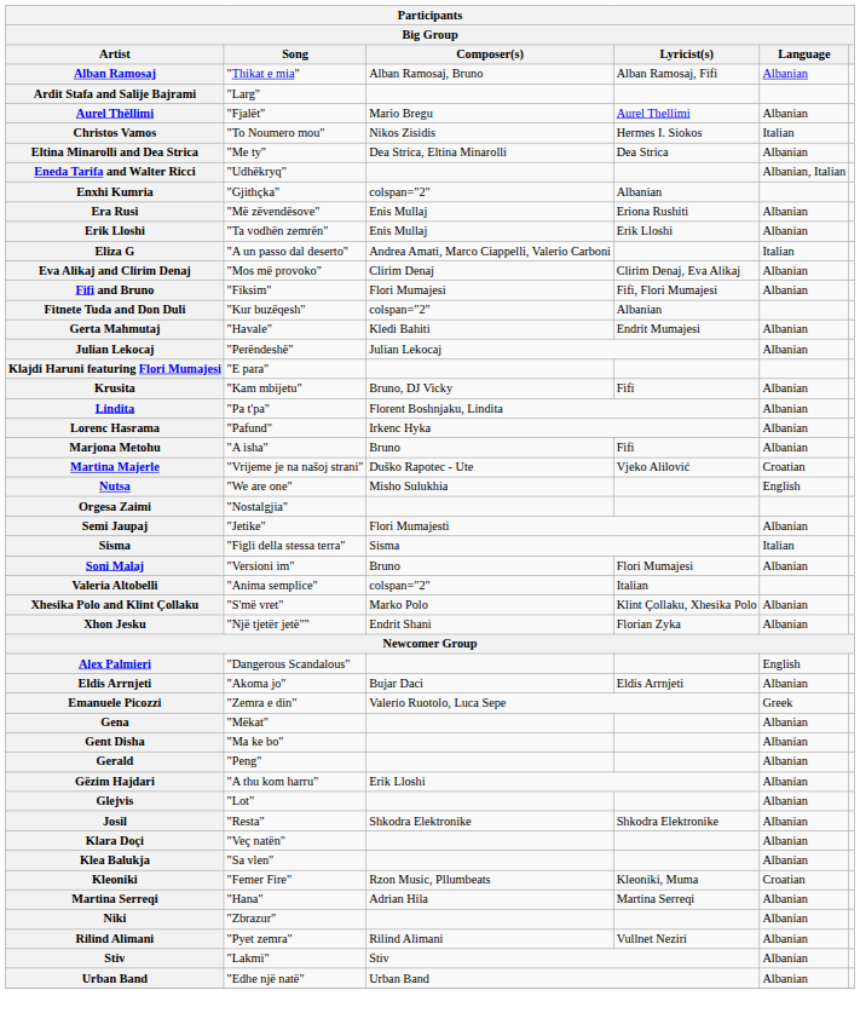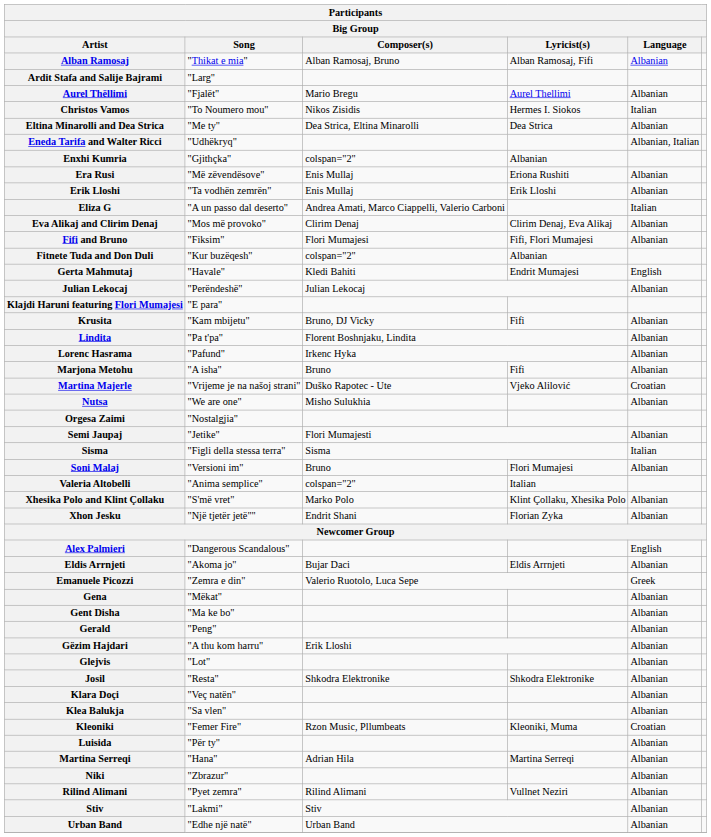 <table class="wikitable sortable plainrowheaders" style="margin: 1em auto 1em auto">
 <tr>
 <th colspan=6>Participants</th>
 </tr>
 <tr>
 <th colspan="6">Big Group</th>
 </tr>
 <tr>
 <th scope="col">Artist</th>
 <th scope="col">Song</th>
 <th scope="col">Composer(s)</th>
 <th scope="col">Lyricist(s)</th>
 <th scope="col">Language</th>
 <th scope="col"></th>
 </tr>
 <tr>
 <th scope="row"><a href='#'>Alban Ramosaj</a></th>
 <td>"<a href='#'>Thikat e mia</a>"</td>
 <td>Alban Ramosaj, Bruno</td>
 <td>Alban Ramosaj, Fifi</td>
 <td><a href='#'>Albanian</a></td>
 <td></td>
 </tr>
 <tr>
 <th scope="row">Ardit Stafa and Salije Bajrami</th>
 <td>"Larg"</td>
 <td></td>
 <td></td>
 <td></td>
 <td></td>
 </tr>
 <tr>
 <th scope="row"><a href='#'>Aurel Thëllimi</a></th>
 <td>"Fjalët"</td>
 <td>Mario Bregu</td>
 <td><a href='#'>Aurel Thellimi</a></td>
 <td>Albanian</td>
 <td></td>
 </tr>
 <tr>
 <th scope="row">Christos Vamos</th>
 <td>"To Noumero mou"</td>
 <td>Nikos Zisidis</td>
 <td>Hermes I. Siokos</td>
 <td>Italian</td>
 <td></td>
 </tr>
 <tr>
 <th scope="row">Eltina Minarolli and Dea Strica</th>
 <td>"Me ty"</td>
 <td>Dea Strica, Eltina Minarolli</td>
 <td>Dea Strica</td>
 <td>Albanian</td>
 <td></td>
 </tr>
 <tr>
 <th scope="row"><a href='#'>Eneda Tarifa</a> and Walter Ricci</th>
 <td>"Udhëkryq"</td>
 <td></td>
 <td></td>
 <td>Albanian, Italian</td>
 <td></td>
 </tr>
 <tr>
 <th scope="row">Enxhi Kumria</th>
 <td>"Gjithçka"</td>
 <td>colspan="2" </td>
 <td>Albanian</td>
 <td></td>
 </tr>
 <tr>
 <th scope="row">Era Rusi</th>
 <td>"Më zëvendësove"</td>
 <td>Enis Mullaj</td>
 <td>Eriona Rushiti</td>
 <td>Albanian</td>
 <td></td>
 </tr>
 <tr>
 <th scope="row">Erik Lloshi</th>
 <td>"Ta vodhën zemrën"</td>
 <td>Enis Mullaj</td>
 <td>Erik Lloshi</td>
 <td>Albanian</td>
 <td></td>
 </tr>
 <tr>
 <th scope="row">Eliza G</th>
 <td>"A un passo dal deserto"</td>
 <td>Andrea Amati, Marco Ciappelli, Valerio Carboni</td>
 <td></td>
 <td>Italian</td>
 <td></td>
 </tr>
 <tr>
 <th scope="row">Eva Alikaj and Clirim Denaj</th>
 <td>"Mos më provoko"</td>
 <td>Clirim Denaj</td>
 <td>Clirim Denaj, Eva Alikaj</td>
 <td>Albanian</td>
 <td></td>
 </tr>
 <tr>
 <th scope="row"><a href='#'>Fifi</a> and Bruno</th>
 <td>"Fiksim"</td>
 <td>Flori Mumajesi</td>
 <td>Fifi, Flori Mumajesi</td>
 <td>Albanian</td>
 <td></td>
 </tr>
 <tr>
 <th scope="row">Fitnete Tuda and Don Duli</th>
 <td>"Kur buzëqesh"</td>
 <td>colspan="2" </td>
 <td>Albanian</td>
 <td></td>
 </tr>
 <tr>
 <th scope="row">Gerta Mahmutaj</th>
 <td>"Havale"</td>
 <td>Kledi Bahiti</td>
 <td>Endrit Mumajesi</td>
-<td>Albanian</td>
+<td>English</td>
 <td></td>
 </tr>
 <tr>
 <th scope="row">Julian Lekocaj</th>
 <td>"Perëndeshë"</td>
 <td colspan="2">Julian Lekocaj</td>
 <td>Albanian</td>
 <td></td>
 </tr>
 <tr>
 <th scope="row">Klajdi Haruni featuring <a href='#'>Flori Mumajesi</a></th>
 <td>"E para"</td>
 <td></td>
 <td></td>
 <td></td>
 <td></td>
 </tr>
 <tr>
 <th scope="row">Krusita</th>
 <td>"Kam mbijetu"</td>
 <td>Bruno, DJ Vicky</td>
 <td>Fifi</td>
 <td>Albanian</td>
 <td></td>
 </tr>
 <tr>
 <th scope="row"><a href='#'>Lindita</a></th>
 <td>"Pa t'pa"</td>
 <td colspan="2">Florent Boshnjaku, Lindita</td>
 <td>Albanian</td>
 <td></td>
 </tr>
 <tr>
 <th scope="row">Lorenc Hasrama</th>
 <td>"Pafund"</td>
 <td colspan="2">Irkenc Hyka</td>
 <td>Albanian</td>
 <td></td>
 </tr>
 <tr>
 <th scope="row">Marjona Metohu</th>
 <td>"A isha"</td>
 <td>Bruno</td>
 <td>Fifi</td>
 <td>Albanian</td>
 <td></td>
 </tr>
 <tr>
 <th scope="row"><a href='#'>Martina Majerle</a></th>
 <td>"Vrijeme je na našoj strani"</td>
 <td>Duško Rapotec - Ute</td>
 <td>Vjeko Alilović</td>
 <td>Croatian</td>
 <td></td>
 </tr>
 <tr>
 <th scope="row"><a href='#'>Nutsa</a></th>
 <td>"We are one"</td>
 <td>Misho Sulukhia</td>
 <td></td>
-<td>English</td>
+<td>Albanian</td>
 <td></td>
 </tr>
 <tr>
 <th scope="row">Orgesa Zaimi</th>
 <td>"Nostalgjia"</td>
 <td></td>
 <td></td>
 <td></td>
 <td></td>
 </tr>
 <tr>
 <th scope="row">Semi Jaupaj</th>
 <td>"Jetike"</td>
 <td colspan="2">Flori Mumajesti</td>
 <td>Albanian</td>
 <td></td>
 </tr>
 <tr>
 <th scope="row">Sisma</th>
 <td>"Figli della stessa terra"</td>
 <td colspan="2">Sisma</td>
 <td>Italian</td>
 <td></td>
 </tr>
 <tr>
 <th scope="row"><a href='#'>Soni Malaj</a></th>
 <td>"Versioni im"</td>
 <td>Bruno</td>
 <td>Flori Mumajesi</td>
 <td>Albanian</td>
 <td></td>
 </tr>
 <tr>
 <th scope="row">Valeria Altobelli</th>
 <td>"Anima semplice"</td>
 <td>colspan="2" </td>
 <td>Italian</td>
 <td></td>
 </tr>
 <tr>
 <th scope="row">Xhesika Polo and Klint Çollaku</th>
 <td>"S'më vret"</td>
 <td>Marko Polo</td>
 <td>Klint Çollaku, Xhesika Polo</td>
 <td>Albanian</td>
 <td></td>
 </tr>
 <tr>
 <th scope="row">Xhon Jesku</th>
 <td>"Një tjetër jetë""</td>
 <td>Endrit Shani</td>
 <td>Florian Zyka</td>
 <td>Albanian</td>
 <td></td>
 </tr>
 <tr>
 <th colspan="6">Newcomer Group</th>
 </tr>
 <tr>
 <th scope="row"><a href='#'>Alex Palmieri</a></th>
 <td>"Dangerous Scandalous"</td>
 <td></td>
 <td></td>
 <td>English</td>
 <td></td>
 </tr>
 <tr>
 <th scope="row">Eldis Arrnjeti</th>
 <td>"Akoma jo"</td>
 <td>Bujar Daci</td>
 <td>Eldis Arrnjeti</td>
 <td>Albanian</td>
 <td></td>
 </tr>
 <tr>
 <th scope="row">Emanuele Picozzi</th>
 <td>"Zemra e din"</td>
 <td colspan="2">Valerio Ruotolo, Luca Sepe</td>
 <td>Greek</td>
 <td></td>
 </tr>
 <tr>
 <th scope="row">Gena</th>
 <td>"Mëkat"</td>
 <td></td>
 <td></td>
 <td>Albanian</td>
 <td></td>
 </tr>
 <tr>
 <th scope="row">Gent Disha</th>
 <td>"Ma ke bo"</td>
 <td></td>
 <td></td>
 <td>Albanian</td>
 <td></td>
 </tr>
 <tr>
 <th scope="row">Gerald</th>
 <td>"Peng"</td>
 <td></td>
 <td></td>
 <td>Albanian</td>
 <td></td>
 </tr>
 <tr>
 <th scope="row">Gëzim Hajdari</th>
 <td>"A thu kom harru"</td>
 <td colspan="2">Erik Lloshi</td>
 <td>Albanian</td>
 <td></td>
 </tr>
 <tr>
 <th scope="row">Glejvis</th>
 <td>"Lot"</td>
 <td></td>
 <td></td>
 <td>Albanian</td>
 <td></td>
 </tr>
 <tr>
 <th scope="row">Josil</th>
 <td>"Resta"</td>
 <td>Shkodra Elektronike</td>
 <td>Shkodra Elektronike</td>
 <td>Albanian</td>
 <td></td>
 </tr>
 <tr>
 <th scope="row">Klara Doçi</th>
 <td>"Veç natën"</td>
 <td></td>
 <td></td>
 <td>Albanian</td>
 <td></td>
 </tr>
 <tr>
 <th scope="row">Klea Balukja</th>
 <td>"Sa vlen"</td>
 <td></td>
 <td></td>
 <td>Albanian</td>
 <td></td>
 </tr>
 <tr>
 <th scope="row">Kleoniki</th>
 <td>"Femer Fire"</td>
 <td>Rzon Music, Pllumbeats</td>
 <td>Kleoniki, Muma</td>
 <td>Croatian</td>
 <td></td>
 </tr>
 <tr>
+<th scope="row">Luisida</th>
+<td>"Për ty"</td>
+<td></td>
+<td></td>
+<td>Albanian</td>
+<td></td>
+</tr>
+<tr>
 <th scope="row">Martina Serreqi</th>
 <td>"Hana"</td>
 <td>Adrian Hila</td>
 <td>Martina Serreqi</td>
 <td>Albanian</td>
 <td></td>
 </tr>
 <tr>
 <th scope="row">Niki</th>
 <td>"Zbrazur"</td>
 <td></td>
 <td></td>
 <td>Albanian</td>
 <td></td>
 </tr>
 <tr>
 <th scope="row">Rilind Alimani</th>
 <td>"Pyet zemra"</td>
 <td>Rilind Alimani</td>
 <td>Vullnet Neziri</td>
 <td>Albanian</td>
 <td></td>
 </tr>
 <tr>
 <th scope="row">Stiv</th>
 <td>"Lakmi"</td>
 <td colspan="2">Stiv</td>
 <td>Albanian</td>
 <td></td>
 </tr>
 <tr>
 <th scope="row">Urban Band</th>
 <td>"Edhe një natë"</td>
 <td colspan="2">Urban Band</td>
 <td>Albanian</td>
 <td></td>
 </tr>
 <tr>
 </tr>
 </table>
